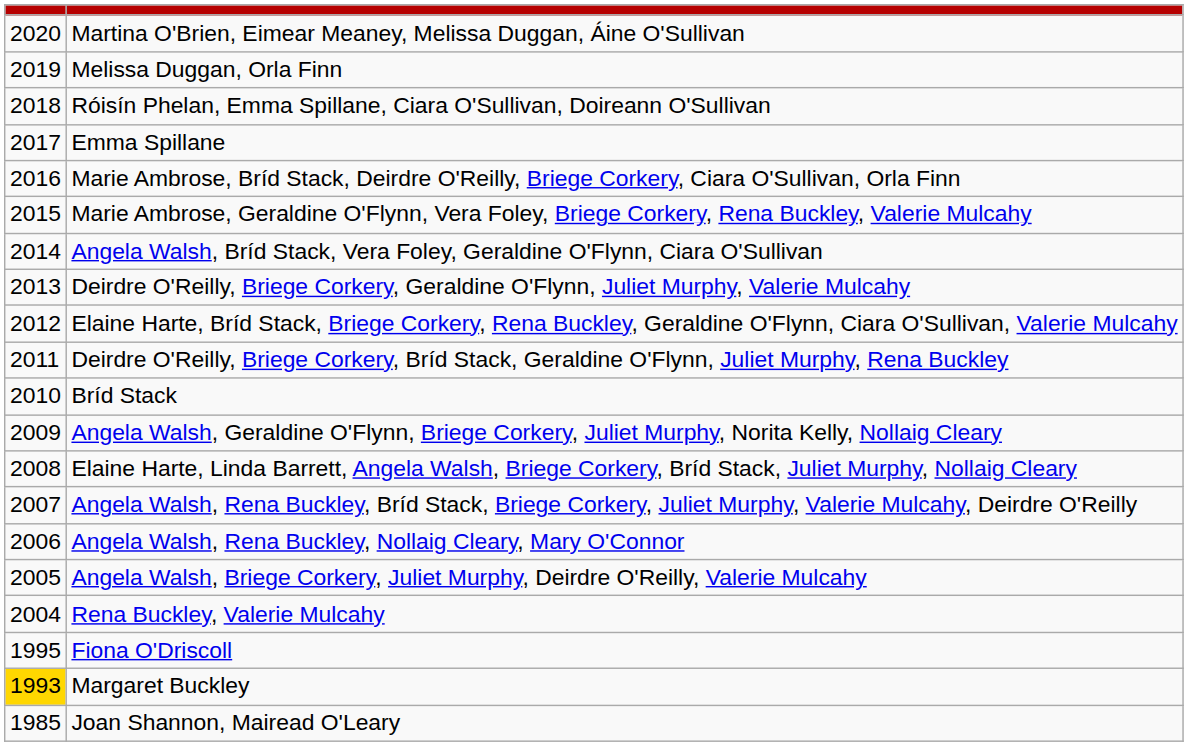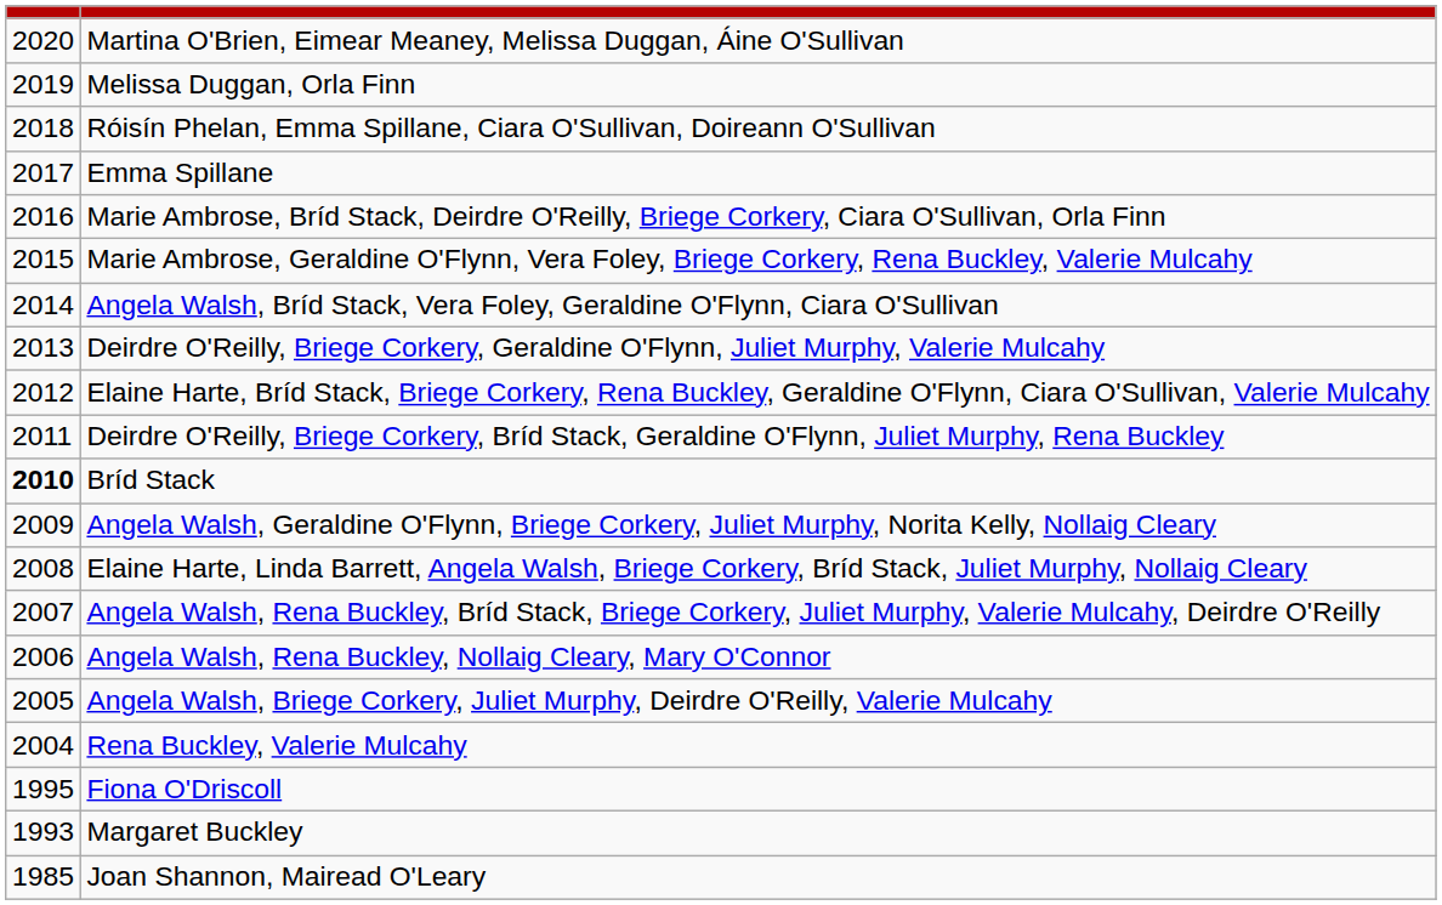 <table class="wikitable collapsible" border="1">
 <tr>
 <th style=background:#B60000;color:white;></th>
 <th style=background:#B60000;color:white;></th>
 </tr>
 <tr>
 <td>2020 </td>
 <td>Martina O'Brien, Eimear Meaney, Melissa Duggan, Áine O'Sullivan</td>
 </tr>
 <tr>
 <td>2019 </td>
 <td>Melissa Duggan, Orla Finn</td>
 </tr>
 <tr>
 <td>2018 </td>
 <td>Róisín Phelan, Emma Spillane, Ciara O'Sullivan, Doireann O'Sullivan</td>
 </tr>
 <tr>
 <td>2017 </td>
 <td>Emma Spillane</td>
 </tr>
 <tr>
 <td>2016 </td>
 <td>Marie Ambrose, Bríd Stack, Deirdre O'Reilly, <a href='#'>Briege Corkery</a>, Ciara O'Sullivan, Orla Finn</td>
 </tr>
 <tr>
 <td>2015 </td>
 <td>Marie Ambrose, Geraldine O'Flynn, Vera Foley, <a href='#'>Briege Corkery</a>, <a href='#'>Rena Buckley</a>, <a href='#'>Valerie Mulcahy</a></td>
 </tr>
 <tr>
 <td>2014 </td>
 <td><a href='#'>Angela Walsh</a>, Bríd Stack, Vera Foley, Geraldine O'Flynn, Ciara O'Sullivan</td>
 </tr>
 <tr>
 <td>2013 </td>
 <td>Deirdre O'Reilly, <a href='#'>Briege Corkery</a>, Geraldine O'Flynn, <a href='#'>Juliet Murphy</a>, <a href='#'>Valerie Mulcahy</a></td>
 </tr>
 <tr>
 <td>2012 </td>
 <td>Elaine Harte, Bríd Stack, <a href='#'>Briege Corkery</a>, <a href='#'>Rena Buckley</a>, Geraldine O'Flynn,  Ciara O'Sullivan,  <a href='#'>Valerie Mulcahy</a></td>
 </tr>
 <tr>
 <td>2011 </td>
 <td>Deirdre O'Reilly, <a href='#'>Briege Corkery</a>, Bríd Stack, Geraldine O'Flynn, <a href='#'>Juliet Murphy</a>, <a href='#'>Rena Buckley</a></td>
 </tr>
 <tr>
-<td>2010 </td>
+<td><strong>2010 </strong></td>
 <td>Bríd Stack</td>
 </tr>
 <tr>
 <td>2009 </td>
 <td><a href='#'>Angela Walsh</a>, Geraldine O'Flynn, <a href='#'>Briege Corkery</a>, <a href='#'>Juliet Murphy</a>, Norita Kelly, <a href='#'>Nollaig Cleary</a></td>
 </tr>
 <tr>
 <td>2008 </td>
 <td>Elaine Harte, Linda Barrett, <a href='#'>Angela Walsh</a>, <a href='#'>Briege Corkery</a>, Bríd Stack, <a href='#'>Juliet Murphy</a>, <a href='#'>Nollaig Cleary</a></td>
 </tr>
 <tr>
 <td>2007 </td>
 <td><a href='#'>Angela Walsh</a>, <a href='#'>Rena Buckley</a>, Bríd Stack, <a href='#'>Briege Corkery</a>, <a href='#'>Juliet Murphy</a>, <a href='#'>Valerie Mulcahy</a>, Deirdre O'Reilly</td>
 </tr>
 <tr>
 <td>2006 </td>
 <td><a href='#'>Angela Walsh</a>, <a href='#'>Rena Buckley</a>, <a href='#'>Nollaig Cleary</a>, <a href='#'>Mary O'Connor</a></td>
 </tr>
 <tr>
 <td>2005 </td>
 <td><a href='#'>Angela Walsh</a>, <a href='#'>Briege Corkery</a>, <a href='#'>Juliet Murphy</a>, Deirdre O'Reilly, <a href='#'>Valerie Mulcahy</a></td>
 </tr>
 <tr>
 <td>2004 </td>
 <td><a href='#'>Rena Buckley</a>, <a href='#'>Valerie Mulcahy</a></td>
 </tr>
 <tr>
 <td>1995 </td>
 <td><a href='#'>Fiona O'Driscoll</a></td>
 </tr>
 <tr>
-<td style="background: gold;">1993 </td>
+<td>1993 </td>
 <td>Margaret Buckley</td>
 </tr>
 <tr>
 <td>1985 </td>
 <td>Joan Shannon, Mairead O'Leary</td>
 </tr>
 </table>
